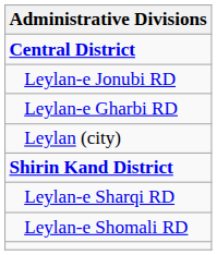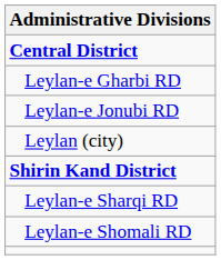 <table class="wikitable">
 <tr>
 <th>Administrative Divisions</th>
 </tr>
 <tr>
 <td><strong><a href='#'>Central District</a></strong></td>
 </tr>
 <tr>
-<td style="padding-left: 1em;"><a href='#'>Leylan-e Jonubi RD</a></td>
+<td style="padding-left: 1em;"><a href='#'>Leylan-e Gharbi RD</a></td>
 </tr>
 <tr>
-<td style="padding-left: 1em;"><a href='#'>Leylan-e Gharbi RD</a></td>
+<td style="padding-left: 1em;"><a href='#'>Leylan-e Jonubi RD</a></td>
 </tr>
 <tr>
 <td style="padding-left: 1em;"><a href='#'>Leylan</a> (city)</td>
 </tr>
 <tr>
 <td><strong><a href='#'>Shirin Kand District</a></strong></td>
 </tr>
 <tr>
 <td style="padding-left: 1em;"><a href='#'>Leylan-e Sharqi RD</a></td>
 </tr>
 <tr>
 <td style="padding-left: 1em;"><a href='#'>Leylan-e Shomali RD</a></td>
 </tr>
 <tr>
 <td colspan=1></td>
 </tr>
 </table>
